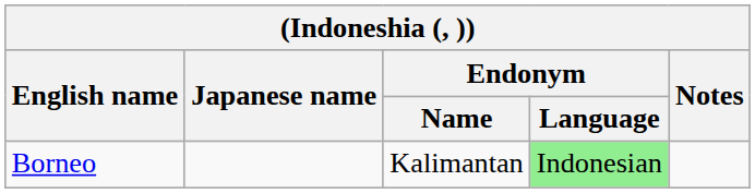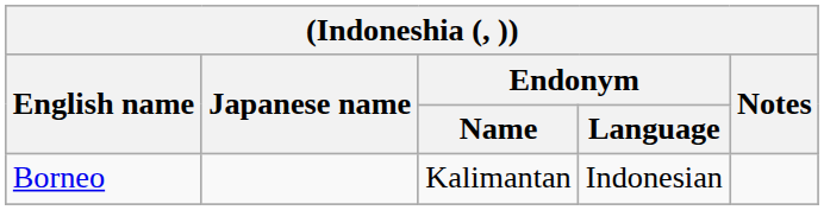 <table class="wikitable sortable">
 <tr>
 <th colspan="5"> (Indoneshia (, ))</th>
 </tr>
 <tr>
 <th rowspan="2">English name</th>
 <th rowspan="2">Japanese name</th>
 <th colspan="2">Endonym</th>
 <th rowspan="2">Notes</th>
 </tr>
 <tr>
 <th>Name</th>
 <th>Language</th>
 </tr>
 <tr>
 <td><a href='#'>Borneo</a></td>
 <td><br></td>
 <td>Kalimantan</td>
-<td style="background: lightgreen;">Indonesian</td>
+<td>Indonesian</td>
 <td></td>
 </tr>
 </table>
